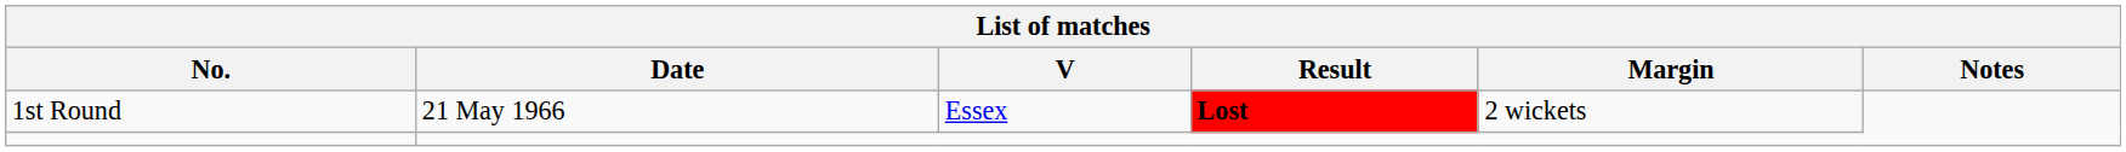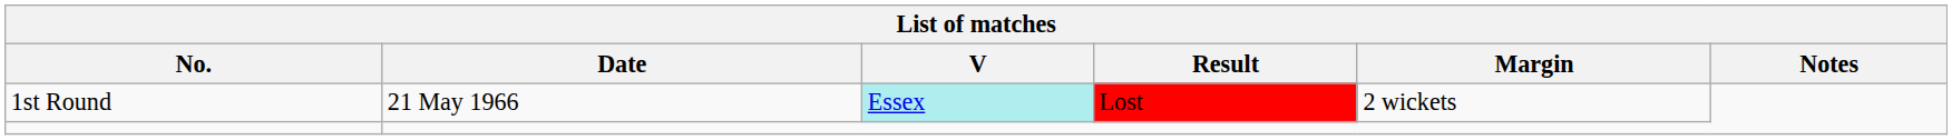 <table class="wikitable" width="100%">
 <tr>
 <th bgcolor="#efefef" colspan=6>List of matches</th>
 </tr>
 <tr bgcolor="#efefef">
 <th>No.</th>
 <th>Date</th>
 <th>V</th>
 <th>Result</th>
 <th>Margin</th>
 <th>Notes</th>
 </tr>
 <tr>
 <td>1st Round</td>
 <td>21 May 1966</td>
-<td><a href='#'>Essex</a>  <br> </td>
-<td bgcolor="#FF0000"><strong>Lost</strong></td>
+<td style="background: paleturquoise;"><a href='#'>Essex</a>  <br> </td>
+<td bgcolor="#FF0000">Lost</td>
 <td>2 wickets</td>
 </tr>
 <tr>
 <td></td>
 </tr>
 </table>
